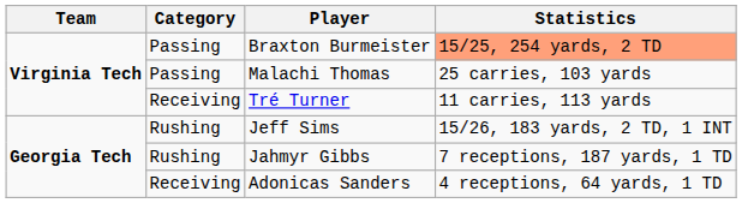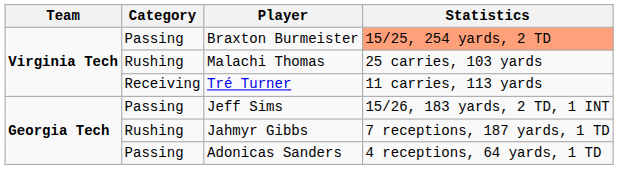 <table class="wikitable" style="float: right;">
 <tr>
 <th>Team</th>
 <th>Category</th>
 <th>Player</th>
 <th>Statistics</th>
 </tr>
 <tr>
 <td rowspan=3><strong>Virginia Tech</strong></td>
 <td>Passing</td>
 <td>Braxton Burmeister</td>
 <td style="background: lightsalmon;">15/25, 254 yards, 2 TD</td>
 </tr>
 <tr>
-<td>Passing</td>
+<td>Rushing</td>
 <td>Malachi Thomas</td>
 <td>25 carries, 103 yards</td>
 </tr>
 <tr>
 <td>Receiving</td>
 <td><a href='#'>Tré Turner</a></td>
 <td>11 carries, 113 yards</td>
 </tr>
 <tr>
 <td rowspan=3><strong>Georgia Tech</strong></td>
-<td>Rushing</td>
+<td>Passing</td>
 <td>Jeff Sims</td>
 <td>15/26, 183 yards, 2 TD, 1 INT</td>
 </tr>
 <tr>
 <td>Rushing</td>
 <td>Jahmyr Gibbs</td>
 <td>7 receptions, 187 yards, 1 TD</td>
 </tr>
 <tr>
-<td>Receiving</td>
+<td>Passing</td>
 <td>Adonicas Sanders</td>
 <td>4 receptions, 64 yards, 1 TD</td>
 </tr>
 </table>
